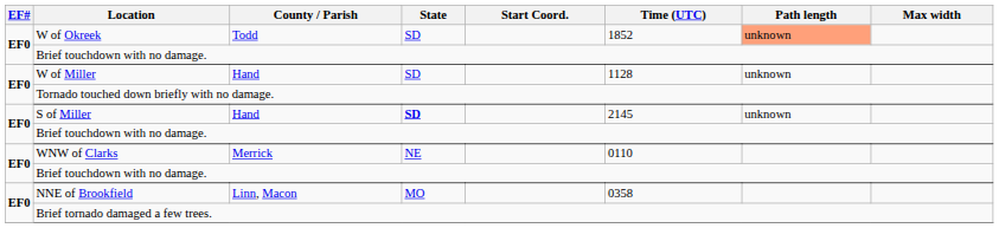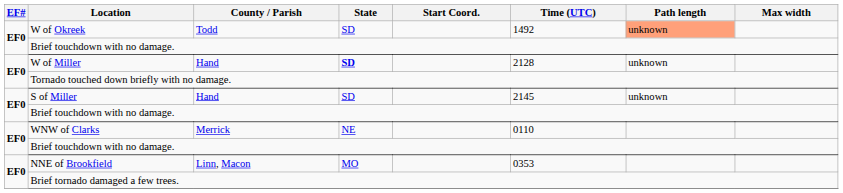 <table class="wikitable sortable" style="width:100%;">
 <tr>
 <th scope="col" width="2%" align="center"><a href='#'>EF#</a></th>
 <th scope="col" align="center" class="unsortable">Location</th>
 <th scope="col" align="center" class="unsortable">County / Parish</th>
 <th scope="col" align="center">State</th>
 <th scope="col" align="center" data-sort-type="number">Start Coord.</th>
 <th scope="col" align="center" data-sort-type="number">Time (<a href='#'>UTC</a>)</th>
 <th scope="col" align="center" data-sort-type="number">Path length</th>
 <th scope="col" align="center" data-sort-type="number">Max width</th>
 </tr>
 <tr>
 <td rowspan="2" align="center"><strong>EF0</strong></td>
 <td>W of <a href='#'>Okreek</a></td>
 <td><a href='#'>Todd</a></td>
 <td><a href='#'>SD</a></td>
 <td></td>
-<td>1852</td>
+<td>1492</td>
 <td style="background: lightsalmon;">unknown</td>
 <td></td>
 </tr>
 <tr class="expand-child">
 <td colspan="8" style=" border-bottom: 1px solid black;">Brief touchdown with no damage.</td>
 </tr>
 <tr>
 <td rowspan="2" align="center"><strong>EF0</strong></td>
 <td>W of <a href='#'>Miller</a></td>
 <td><a href='#'>Hand</a></td>
-<td><a href='#'>SD</a></td>
+<td><strong><a href='#'>SD</a></strong></td>
 <td></td>
-<td>1128</td>
+<td>2128</td>
 <td>unknown</td>
 <td></td>
 </tr>
 <tr class="expand-child">
 <td colspan="8" style=" border-bottom: 1px solid black;">Tornado touched down briefly with no damage.</td>
 </tr>
 <tr>
 <td rowspan="2" align="center"><strong>EF0</strong></td>
 <td>S of <a href='#'>Miller</a></td>
 <td><a href='#'>Hand</a></td>
-<td><strong><a href='#'>SD</a></strong></td>
+<td><a href='#'>SD</a></td>
 <td></td>
 <td>2145</td>
 <td>unknown</td>
 <td></td>
 </tr>
 <tr class="expand-child">
 <td colspan="8" style=" border-bottom: 1px solid black;">Brief touchdown with no damage.</td>
 </tr>
 <tr>
 <td rowspan="2" align="center"><strong>EF0</strong></td>
 <td>WNW of <a href='#'>Clarks</a></td>
 <td><a href='#'>Merrick</a></td>
 <td><a href='#'>NE</a></td>
 <td></td>
 <td>0110</td>
 <td></td>
 </tr>
 <tr class="expand-child">
 <td colspan="8" style=" border-bottom: 1px solid black;">Brief touchdown with no damage.</td>
 </tr>
 <tr>
 <td rowspan="2" align="center"><strong>EF0</strong></td>
 <td>NNE of <a href='#'>Brookfield</a></td>
 <td><a href='#'>Linn</a>, <a href='#'>Macon</a></td>
 <td><a href='#'>MO</a></td>
 <td></td>
-<td>0358</td>
+<td>0353</td>
 <td></td>
 <td></td>
 </tr>
 <tr class="expand-child">
 <td colspan="8" style=" border-bottom: 1px solid black;">Brief tornado damaged a few trees.</td>
 </tr>
 <tr>
 </tr>
 </table>
